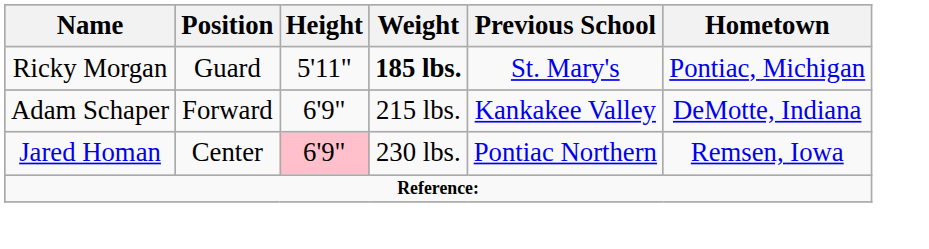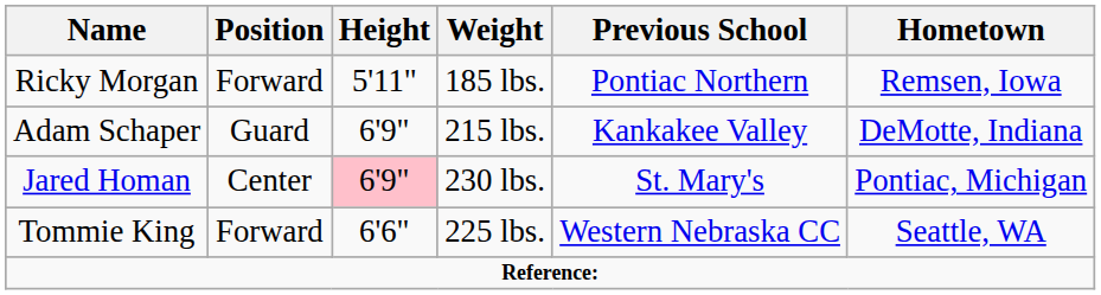 <table class="wikitable" style="text-align: center">
 <tr align=center>
 <th>Name</th>
 <th>Position</th>
 <th>Height</th>
 <th>Weight</th>
 <th>Previous School</th>
 <th>Hometown</th>
 </tr>
 <tr>
 <td>Ricky Morgan</td>
-<td>Guard</td>
+<td>Forward</td>
 <td>5'11"</td>
-<td><strong>185 lbs.</strong></td>
-<td><a href='#'>St. Mary's</a></td>
-<td><a href='#'>Pontiac, Michigan</a></td>
+<td>185 lbs.</td>
+<td><a href='#'>Pontiac Northern</a></td>
+<td><a href='#'>Remsen, Iowa</a></td>
 </tr>
 <tr>
 <td>Adam Schaper</td>
-<td>Forward</td>
+<td>Guard</td>
 <td>6'9"</td>
 <td>215 lbs.</td>
 <td><a href='#'>Kankakee Valley</a></td>
 <td><a href='#'>DeMotte, Indiana</a></td>
 </tr>
 <tr>
 <td><a href='#'>Jared Homan</a></td>
 <td>Center</td>
 <td style="background: pink;">6'9"</td>
 <td>230 lbs.</td>
-<td><a href='#'>Pontiac Northern</a></td>
-<td><a href='#'>Remsen, Iowa</a></td>
+<td><a href='#'>St. Mary's</a></td>
+<td><a href='#'>Pontiac, Michigan</a></td>
+</tr>
+<tr>
+<td>Tommie King</td>
+<td>Forward</td>
+<td>6'6"</td>
+<td>225 lbs.</td>
+<td><a href='#'>Western Nebraska CC</a></td>
+<td><a href='#'>Seattle, WA</a></td>
 </tr>
 <tr>
 <td colspan="6"  style="font-size:8pt; text-align:center;"><strong>Reference:</strong></td>
 </tr>
 </table>
